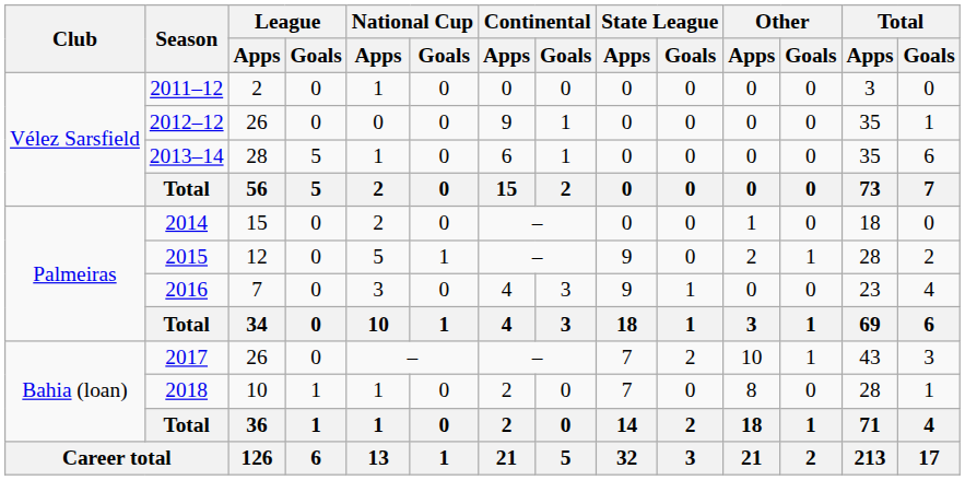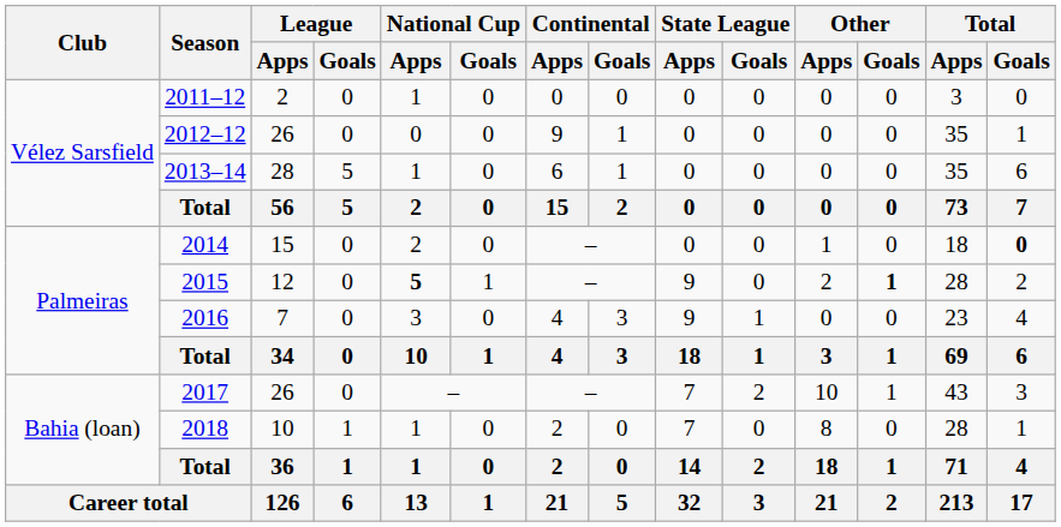 <table class="wikitable" style="text-align:center;">
 <tr>
 <th rowspan="2">Club</th>
 <th rowspan="2">Season</th>
 <th colspan="2">League</th>
 <th colspan="2">National Cup</th>
 <th colspan="2">Continental</th>
 <th colspan="2">State League</th>
 <th colspan="2">Other</th>
 <th colspan="2">Total</th>
 </tr>
 <tr>
 <th>Apps</th>
 <th>Goals</th>
 <th>Apps</th>
 <th>Goals</th>
 <th>Apps</th>
 <th>Goals</th>
 <th>Apps</th>
 <th>Goals</th>
 <th>Apps</th>
 <th>Goals</th>
 <th>Apps</th>
 <th>Goals</th>
 </tr>
 <tr>
 <td rowspan="4"><a href='#'>Vélez Sarsfield</a></td>
 <td><a href='#'>2011–12</a></td>
 <td>2</td>
 <td>0</td>
 <td>1</td>
 <td>0</td>
 <td>0</td>
 <td>0</td>
 <td>0</td>
 <td>0</td>
 <td>0</td>
 <td>0</td>
 <td>3</td>
 <td>0</td>
 </tr>
 <tr>
 <td><a href='#'>2012–12</a></td>
 <td>26</td>
 <td>0</td>
 <td>0</td>
 <td>0</td>
 <td>9</td>
 <td>1</td>
 <td>0</td>
 <td>0</td>
 <td>0</td>
 <td>0</td>
 <td>35</td>
 <td>1</td>
 </tr>
 <tr>
 <td><a href='#'>2013–14</a></td>
 <td>28</td>
 <td>5</td>
 <td>1</td>
 <td>0</td>
 <td>6</td>
 <td>1</td>
 <td>0</td>
 <td>0</td>
 <td>0</td>
 <td>0</td>
 <td>35</td>
 <td>6</td>
 </tr>
 <tr>
 <th>Total</th>
 <th>56</th>
 <th>5</th>
 <th>2</th>
 <th>0</th>
 <th>15</th>
 <th>2</th>
 <th>0</th>
 <th>0</th>
 <th>0</th>
 <th>0</th>
 <th>73</th>
 <th>7</th>
 </tr>
 <tr>
 <td rowspan="4"><a href='#'>Palmeiras</a></td>
 <td><a href='#'>2014</a></td>
 <td>15</td>
 <td>0</td>
 <td>2</td>
 <td>0</td>
 <td colspan="2">–</td>
 <td>0</td>
 <td>0</td>
 <td>1</td>
 <td>0</td>
 <td>18</td>
-<td>0</td>
+<td><strong>0</strong></td>
 </tr>
 <tr>
 <td><a href='#'>2015</a></td>
 <td>12</td>
 <td>0</td>
-<td>5</td>
+<td><strong>5</strong></td>
 <td>1</td>
 <td colspan="2">–</td>
 <td>9</td>
 <td>0</td>
 <td>2</td>
-<td>1</td>
+<td><strong>1</strong></td>
 <td>28</td>
 <td>2</td>
 </tr>
 <tr>
 <td><a href='#'>2016</a></td>
 <td>7</td>
 <td>0</td>
 <td>3</td>
 <td>0</td>
 <td>4</td>
 <td>3</td>
 <td>9</td>
 <td>1</td>
 <td>0</td>
 <td>0</td>
 <td>23</td>
 <td>4</td>
 </tr>
 <tr>
 <th>Total</th>
 <th>34</th>
 <th>0</th>
 <th>10</th>
 <th>1</th>
 <th>4</th>
 <th>3</th>
 <th>18</th>
 <th>1</th>
 <th>3</th>
 <th>1</th>
 <th>69</th>
 <th>6</th>
 </tr>
 <tr>
 <td rowspan="3"><a href='#'>Bahia</a> (loan)</td>
 <td><a href='#'>2017</a></td>
 <td>26</td>
 <td>0</td>
 <td colspan="2">–</td>
 <td colspan="2">–</td>
 <td>7</td>
 <td>2</td>
 <td>10</td>
 <td>1</td>
 <td>43</td>
 <td>3</td>
 </tr>
 <tr>
 <td><a href='#'>2018</a></td>
 <td>10</td>
 <td>1</td>
 <td>1</td>
 <td>0</td>
 <td>2</td>
 <td>0</td>
 <td>7</td>
 <td>0</td>
 <td>8</td>
 <td>0</td>
 <td>28</td>
 <td>1</td>
 </tr>
 <tr>
 <th>Total</th>
 <th>36</th>
 <th>1</th>
 <th>1</th>
 <th>0</th>
 <th>2</th>
 <th>0</th>
 <th>14</th>
 <th>2</th>
 <th>18</th>
 <th>1</th>
 <th>71</th>
 <th>4</th>
 </tr>
 <tr>
 <th colspan="2"><strong>Career total</strong></th>
 <th>126</th>
 <th>6</th>
 <th>13</th>
 <th>1</th>
 <th>21</th>
 <th>5</th>
 <th>32</th>
 <th>3</th>
 <th>21</th>
 <th>2</th>
 <th>213</th>
 <th>17</th>
 </tr>
 </table>
